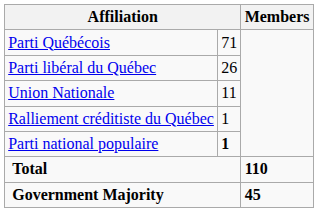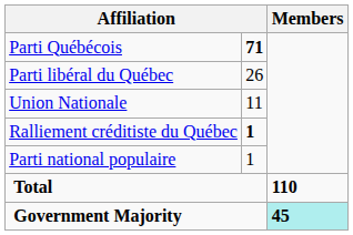 <table class="wikitable">
 <tr>
 <th colspan="2">Affiliation</th>
 <th>Members</th>
 </tr>
 <tr>
 <td align=left><a href='#'>Parti Québécois</a></td>
-<td>71</td>
+<td><strong>71</strong></td>
 </tr>
 <tr>
 <td align=left><a href='#'>Parti libéral du Québec</a></td>
 <td>26</td>
 </tr>
 <tr>
 <td align=left><a href='#'>Union Nationale</a></td>
 <td>11</td>
 </tr>
 <tr>
 <td align=left><a href='#'>Ralliement créditiste du Québec</a></td>
-<td>1</td>
+<td><strong>1</strong></td>
 </tr>
 <tr>
 <td align=left><a href='#'>Parti national populaire</a></td>
-<td><strong>1</strong></td>
+<td>1</td>
 </tr>
 <tr>
 <td colspan="2" style="text-align:left;"> <strong>Total</strong><br></td>
 <td><strong>110</strong></td>
 </tr>
 <tr>
 <td colspan="2" style="text-align:left;"> <strong>Government Majority</strong><br></td>
-<td><strong>45</strong></td>
+<td style="background: paleturquoise;"><strong>45</strong></td>
 </tr>
 </table>
